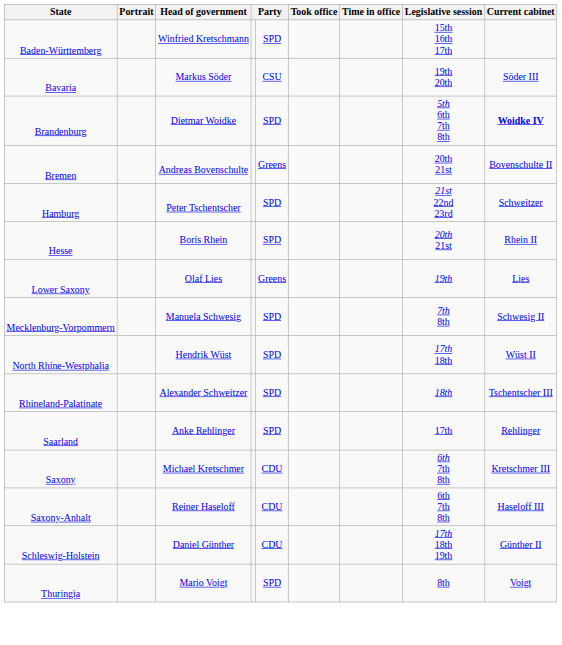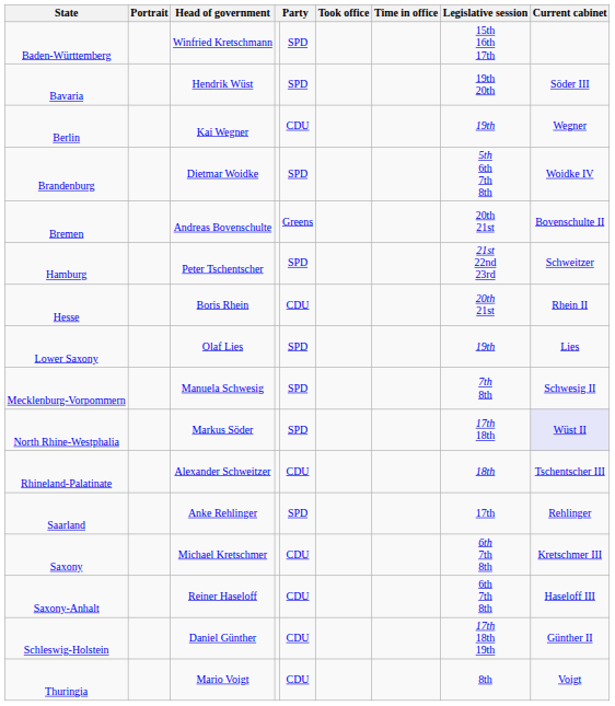 <table class="wikitable sortable" style="text-align:center">
 <tr>
 <th>State</th>
 <th class="unsortable">Portrait</th>
 <th>Head of government<br></th>
 <th colspan=2>Party</th>
 <th>Took office</th>
 <th>Time in office</th>
 <th>Legislative session</th>
 <th>Current cabinet</th>
 </tr>
 <tr>
 <td><br><br><a href='#'>Baden-Württemberg</a></td>
 <td></td>
 <td data-sort-value="Kretschmann, Winfried"><a href='#'>Winfried Kretschmann</a><br></td>
 <td style="background:"></td>
 <td><a href='#'>SPD</a></td>
 <td></td>
 <td></td>
 <td><a href='#'>15th</a><br><a href='#'>16th</a><br><a href='#'>17th</a></td>
 <td><br></td>
 </tr>
 <tr>
 <td><br><br><a href='#'>Bavaria</a></td>
 <td></td>
-<td data-sort-value="Söder, Markus"><a href='#'>Markus Söder</a><br></td>
+<td data-sort-value="Wüst, Hendrik"><a href='#'>Hendrik Wüst</a><br></td>
 <td style="background:"></td>
-<td><a href='#'>CSU</a></td>
+<td><a href='#'>SPD</a></td>
 <td></td>
 <td></td>
 <td><a href='#'>19th</a><br><a href='#'>20th</a></td>
 <td><a href='#'>Söder III</a><br></td>
+</tr>
+<tr>
+<td><br><br><a href='#'>Berlin</a></td>
+<td></td>
+<td data-sort-value="Wegner, Kai"><br><a href='#'>Kai Wegner</a><br></td>
+<td style="background:"></td>
+<td><a href='#'>CDU</a></td>
+<td></td>
+<td></td>
+<td><em><a href='#'>19th</a></em></td>
+<td><a href='#'>Wegner</a><br></td>
 </tr>
 <tr>
 <td><br><br><a href='#'>Brandenburg</a></td>
 <td></td>
 <td data-sort-value="Woidke, Dietmar"><a href='#'>Dietmar Woidke</a><br></td>
 <td style="background:"></td>
 <td><a href='#'>SPD</a></td>
 <td></td>
 <td></td>
 <td><em><a href='#'>5th</a></em><br><a href='#'>6th</a><br><a href='#'>7th</a><br><a href='#'>8th</a></td>
-<td><strong><a href='#'>Woidke IV</a><br></strong></td>
+<td><a href='#'>Woidke IV</a><br></td>
 </tr>
 <tr>
 <td><br><br><a href='#'>Bremen</a></td>
 <td></td>
 <td data-sort-value="Bovenschulte, Andreas"><br><a href='#'>Andreas Bovenschulte</a><br></td>
 <td style="background:"></td>
 <td><a href='#'>Greens</a></td>
 <td></td>
 <td></td>
 <td><a href='#'>20th</a><br><a href='#'>21st</a></td>
 <td><a href='#'>Bovenschulte II</a><br></td>
 </tr>
 <tr>
 <td><br><br><a href='#'>Hamburg</a></td>
 <td></td>
 <td data-sort-value="Tschentscher, Peter"><br><a href='#'>Peter Tschentscher</a><br></td>
 <td style="background:"></td>
 <td><a href='#'>SPD</a></td>
 <td></td>
 <td></td>
 <td><em><a href='#'>21st</a></em><br><a href='#'>22nd</a><br><a href='#'>23rd</a></td>
 <td><a href='#'>Schweitzer</a><br></td>
 </tr>
 <tr>
 <td><br><br><a href='#'>Hesse</a></td>
 <td></td>
 <td data-sort-value="Rhein, Boris"><a href='#'>Boris Rhein</a><br></td>
 <td style="background:"></td>
-<td><a href='#'>SPD</a></td>
+<td><a href='#'>CDU</a></td>
 <td></td>
 <td></td>
 <td><em><a href='#'>20th</a></em><br><a href='#'>21st</a></td>
 <td><a href='#'>Rhein II</a><br></td>
 </tr>
 <tr>
 <td><br><br><a href='#'>Lower Saxony</a></td>
 <td></td>
 <td data-sort-value="Lies, Olaf"><a href='#'>Olaf Lies</a><br></td>
 <td style="background:"></td>
-<td><a href='#'>Greens</a></td>
+<td><a href='#'>SPD</a></td>
 <td></td>
 <td></td>
 <td><em><a href='#'>19th</a></em></td>
 <td><a href='#'>Lies</a><br></td>
 </tr>
 <tr>
 <td><br><br><a href='#'>Mecklenburg-Vorpommern</a></td>
 <td></td>
 <td data-sort-value="Schwesig, Manuela"><a href='#'>Manuela Schwesig</a><br></td>
 <td style="background:"></td>
 <td><a href='#'>SPD</a></td>
 <td></td>
 <td></td>
 <td><em><a href='#'>7th</a></em><br><a href='#'>8th</a></td>
 <td><a href='#'>Schwesig II</a><br></td>
 </tr>
 <tr>
 <td><br><br><a href='#'>North Rhine-Westphalia</a></td>
 <td></td>
-<td data-sort-value="Wüst, Hendrik"><a href='#'>Hendrik Wüst</a><br></td>
+<td data-sort-value="Söder, Markus"><a href='#'>Markus Söder</a><br></td>
 <td style="background:"></td>
 <td><a href='#'>SPD</a></td>
 <td></td>
 <td></td>
 <td><em><a href='#'>17th</a></em><br><a href='#'>18th</a></td>
-<td><a href='#'>Wüst II</a><br></td>
+<td style="background: lavender;"><a href='#'>Wüst II</a><br></td>
 </tr>
 <tr>
 <td><br><br><a href='#'>Rhineland-Palatinate</a></td>
 <td></td>
 <td data-sort-value="Schweitzer, Alexander"><a href='#'>Alexander Schweitzer</a><br></td>
 <td style="background:"></td>
-<td><a href='#'>SPD</a></td>
+<td><a href='#'>CDU</a></td>
 <td></td>
 <td></td>
 <td><em><a href='#'>18th</a></em></td>
 <td><a href='#'>Tschentscher III</a><br></td>
 </tr>
 <tr>
 <td><br><br><a href='#'>Saarland</a></td>
 <td></td>
 <td data-sort-value="Rehlinger, Anke"><a href='#'>Anke Rehlinger</a><br></td>
 <td style="background:"></td>
 <td><a href='#'>SPD</a></td>
 <td></td>
 <td></td>
 <td><a href='#'>17th</a></td>
 <td><a href='#'>Rehlinger</a><br></td>
 </tr>
 <tr>
 <td><br><br><a href='#'>Saxony</a></td>
 <td></td>
 <td data-sort-value="Kretschmer, Michael"><a href='#'>Michael Kretschmer</a><br></td>
 <td style="background:"></td>
 <td><a href='#'>CDU</a></td>
 <td></td>
 <td></td>
 <td><em><a href='#'>6th</a></em><br><a href='#'>7th</a><br><a href='#'>8th</a></td>
 <td><a href='#'>Kretschmer III</a><br></td>
 </tr>
 <tr>
 <td><br><br><a href='#'>Saxony-Anhalt</a></td>
 <td></td>
 <td data-sort-value="Haseloff, Reiner"><a href='#'>Reiner Haseloff</a><br></td>
 <td style="background:"></td>
 <td><a href='#'>CDU</a></td>
 <td></td>
 <td></td>
 <td><a href='#'>6th</a><br><a href='#'>7th</a><br><a href='#'>8th</a></td>
 <td><a href='#'>Haseloff III</a><br></td>
 </tr>
 <tr>
 <td><br><br><a href='#'>Schleswig-Holstein</a></td>
 <td></td>
 <td data-sort-value="Günther, Daniel"><a href='#'>Daniel Günther</a><br></td>
 <td style="background:"></td>
 <td><a href='#'>CDU</a></td>
 <td></td>
 <td></td>
 <td><em><a href='#'>17th</a></em><br><a href='#'>18th</a><br><a href='#'>19th</a></td>
 <td><a href='#'>Günther II</a><br></td>
 </tr>
 <tr>
 <td><br><br><a href='#'>Thuringia</a></td>
 <td></td>
 <td data-sort-value="Voigt, Mario"><a href='#'>Mario Voigt</a><br></td>
 <td style="background:"></td>
-<td><a href='#'>SPD</a></td>
+<td><a href='#'>CDU</a></td>
 <td></td>
 <td></td>
 <td><a href='#'>8th</a></td>
 <td><a href='#'>Voigt</a><br></td>
 </tr>
 </table>
